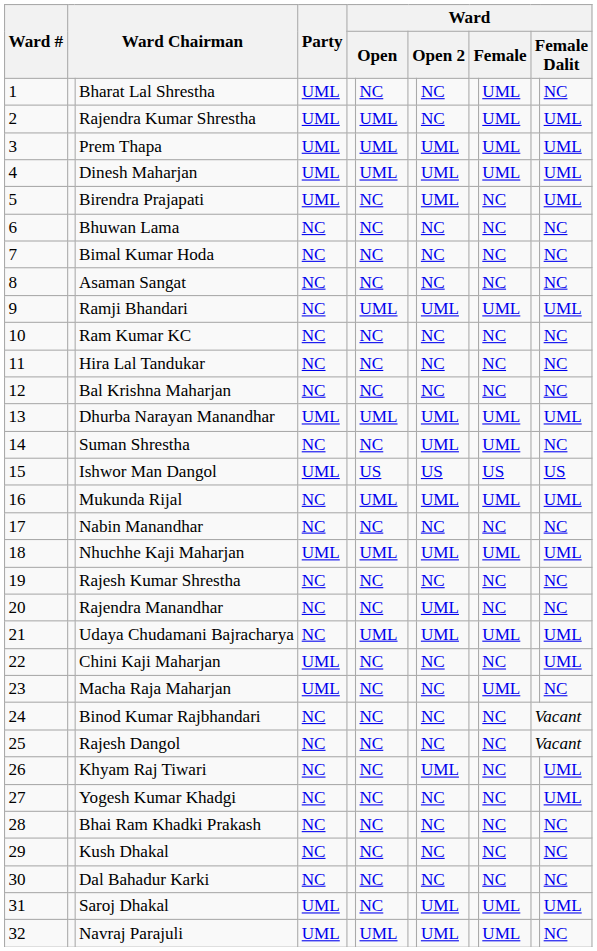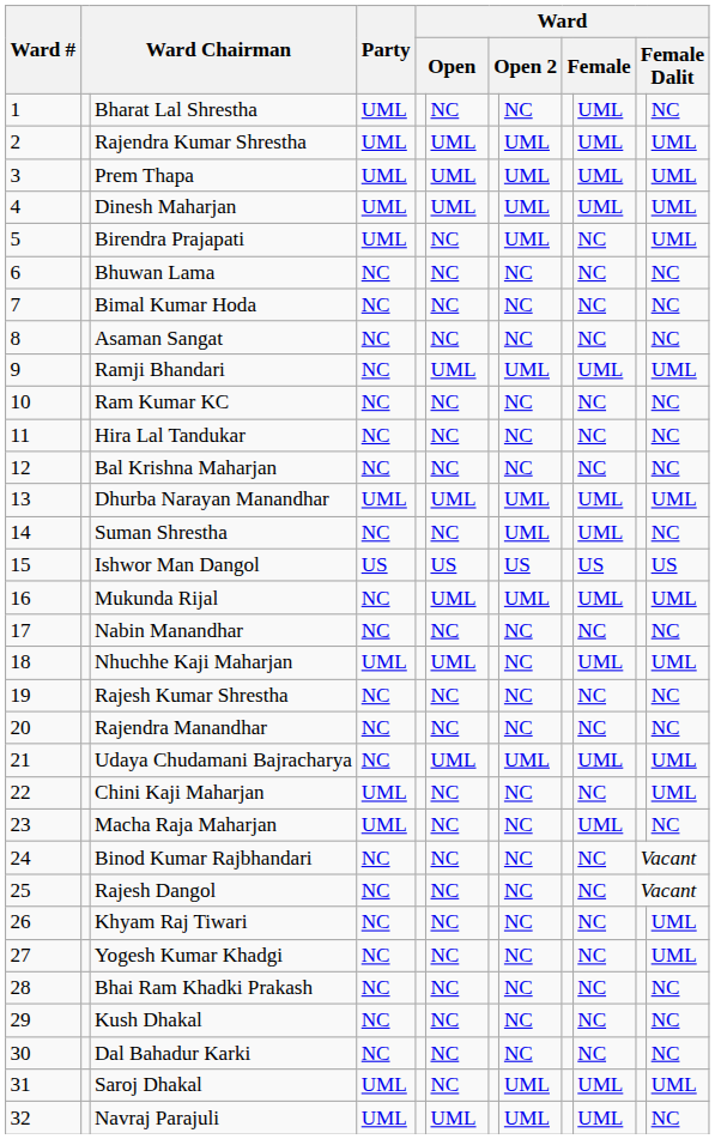 <table class="wikitable">
 <tr>
 <th rowspan="2">Ward #</th>
 <th colspan="2" rowspan="2">Ward Chairman</th>
 <th rowspan="2">Party</th>
 <th colspan="8">Ward</th>
 </tr>
 <tr>
 <th width="50px" colspan="2">Open</th>
 <th width="50px" colspan="2">Open 2</th>
 <th width="50px" colspan="2">Female</th>
 <th width="50px" colspan="2">Female Dalit</th>
 </tr>
 <tr>
 <td>1</td>
 <td><br></td>
 <td>Bharat Lal Shrestha</td>
 <td><a href='#'>UML</a></td>
 <td><br></td>
 <td><a href='#'>NC</a></td>
 <td><br></td>
 <td><a href='#'>NC</a></td>
 <td><br></td>
 <td><a href='#'>UML</a></td>
 <td><br></td>
 <td><a href='#'>NC</a></td>
 </tr>
 <tr>
 <td>2</td>
 <td><br></td>
 <td>Rajendra Kumar Shrestha</td>
 <td><a href='#'>UML</a></td>
 <td><br></td>
 <td><a href='#'>UML</a></td>
 <td><br></td>
-<td><a href='#'>NC</a></td>
+<td><a href='#'>UML</a></td>
 <td><br></td>
 <td><a href='#'>UML</a></td>
 <td><br></td>
 <td><a href='#'>UML</a></td>
 </tr>
 <tr>
 <td>3</td>
 <td><br></td>
 <td>Prem Thapa</td>
 <td><a href='#'>UML</a></td>
 <td><br></td>
 <td><a href='#'>UML</a></td>
 <td><br></td>
 <td><a href='#'>UML</a></td>
 <td><br></td>
 <td><a href='#'>UML</a></td>
 <td><br></td>
 <td><a href='#'>UML</a></td>
 </tr>
 <tr>
 <td>4</td>
 <td><br></td>
 <td>Dinesh Maharjan</td>
 <td><a href='#'>UML</a></td>
 <td><br></td>
 <td><a href='#'>UML</a></td>
 <td><br></td>
 <td><a href='#'>UML</a></td>
 <td><br></td>
 <td><a href='#'>UML</a></td>
 <td><br></td>
 <td><a href='#'>UML</a></td>
 </tr>
 <tr>
 <td>5</td>
 <td><br></td>
 <td>Birendra Prajapati</td>
 <td><a href='#'>UML</a></td>
 <td><br></td>
 <td><a href='#'>NC</a></td>
 <td><br></td>
 <td><a href='#'>UML</a></td>
 <td><br></td>
 <td><a href='#'>NC</a></td>
 <td><br></td>
 <td><a href='#'>UML</a></td>
 </tr>
 <tr>
 <td>6</td>
 <td><br></td>
 <td>Bhuwan Lama</td>
 <td><a href='#'>NC</a></td>
 <td><br></td>
 <td><a href='#'>NC</a></td>
 <td><br></td>
 <td><a href='#'>NC</a></td>
 <td><br></td>
 <td><a href='#'>NC</a></td>
 <td><br></td>
 <td><a href='#'>NC</a></td>
 </tr>
 <tr>
 <td>7</td>
 <td><br></td>
 <td>Bimal Kumar Hoda</td>
 <td><a href='#'>NC</a></td>
 <td><br></td>
 <td><a href='#'>NC</a></td>
 <td><br></td>
 <td><a href='#'>NC</a></td>
 <td><br></td>
 <td><a href='#'>NC</a></td>
 <td><br></td>
 <td><a href='#'>NC</a></td>
 </tr>
 <tr>
 <td>8</td>
 <td><br></td>
 <td>Asaman Sangat</td>
 <td><a href='#'>NC</a></td>
 <td><br></td>
 <td><a href='#'>NC</a></td>
 <td><br></td>
 <td><a href='#'>NC</a></td>
 <td><br></td>
 <td><a href='#'>NC</a></td>
 <td><br></td>
 <td><a href='#'>NC</a></td>
 </tr>
 <tr>
 <td>9</td>
 <td><br></td>
 <td>Ramji Bhandari</td>
 <td><a href='#'>NC</a></td>
 <td><br></td>
 <td><a href='#'>UML</a></td>
 <td><br></td>
 <td><a href='#'>UML</a></td>
 <td><br></td>
 <td><a href='#'>UML</a></td>
 <td><br></td>
 <td><a href='#'>UML</a></td>
 </tr>
 <tr>
 <td>10</td>
 <td><br></td>
 <td>Ram Kumar KC</td>
 <td><a href='#'>NC</a></td>
 <td><br></td>
 <td><a href='#'>NC</a></td>
 <td><br></td>
 <td><a href='#'>NC</a></td>
 <td><br></td>
 <td><a href='#'>NC</a></td>
 <td><br></td>
 <td><a href='#'>NC</a></td>
 </tr>
 <tr>
 <td>11</td>
 <td><br></td>
 <td>Hira Lal Tandukar</td>
 <td><a href='#'>NC</a></td>
 <td><br></td>
 <td><a href='#'>NC</a></td>
 <td><br></td>
 <td><a href='#'>NC</a></td>
 <td><br></td>
 <td><a href='#'>NC</a></td>
 <td><br></td>
 <td><a href='#'>NC</a></td>
 </tr>
 <tr>
 <td>12</td>
 <td><br></td>
 <td>Bal Krishna Maharjan</td>
 <td><a href='#'>NC</a></td>
 <td><br></td>
 <td><a href='#'>NC</a></td>
 <td><br></td>
 <td><a href='#'>NC</a></td>
 <td><br></td>
 <td><a href='#'>NC</a></td>
 <td><br></td>
 <td><a href='#'>NC</a></td>
 </tr>
 <tr>
 <td>13</td>
 <td><br></td>
 <td>Dhurba Narayan Manandhar</td>
 <td><a href='#'>UML</a></td>
 <td><br></td>
 <td><a href='#'>UML</a></td>
 <td><br></td>
 <td><a href='#'>UML</a></td>
 <td><br></td>
 <td><a href='#'>UML</a></td>
 <td><br></td>
 <td><a href='#'>UML</a></td>
 </tr>
 <tr>
 <td>14</td>
 <td><br></td>
 <td>Suman Shrestha</td>
 <td><a href='#'>NC</a></td>
 <td><br></td>
 <td><a href='#'>NC</a></td>
 <td><br></td>
 <td><a href='#'>UML</a></td>
 <td><br></td>
 <td><a href='#'>UML</a></td>
 <td><br></td>
 <td><a href='#'>NC</a></td>
 </tr>
 <tr>
 <td>15</td>
 <td><br></td>
 <td>Ishwor Man Dangol</td>
-<td><a href='#'>UML</a></td>
+<td><a href='#'>US</a></td>
 <td><br></td>
 <td><a href='#'>US</a></td>
 <td><br></td>
 <td><a href='#'>US</a></td>
 <td><br></td>
 <td><a href='#'>US</a></td>
 <td><br></td>
 <td><a href='#'>US</a></td>
 </tr>
 <tr>
 <td>16</td>
 <td><br></td>
 <td>Mukunda Rijal</td>
 <td><a href='#'>NC</a></td>
 <td><br></td>
 <td><a href='#'>UML</a></td>
 <td><br></td>
 <td><a href='#'>UML</a></td>
 <td><br></td>
 <td><a href='#'>UML</a></td>
 <td><br></td>
 <td><a href='#'>UML</a></td>
 </tr>
 <tr>
 <td>17</td>
 <td><br></td>
 <td>Nabin Manandhar</td>
 <td><a href='#'>NC</a></td>
 <td><br></td>
 <td><a href='#'>NC</a></td>
 <td><br></td>
 <td><a href='#'>NC</a></td>
 <td><br></td>
 <td><a href='#'>NC</a></td>
 <td><br></td>
 <td><a href='#'>NC</a></td>
 </tr>
 <tr>
 <td>18</td>
 <td><br></td>
 <td>Nhuchhe Kaji Maharjan</td>
 <td><a href='#'>UML</a></td>
 <td><br></td>
 <td><a href='#'>UML</a></td>
 <td><br></td>
-<td><a href='#'>UML</a></td>
+<td><a href='#'>NC</a></td>
 <td><br></td>
 <td><a href='#'>UML</a></td>
 <td><br></td>
 <td><a href='#'>UML</a></td>
 </tr>
 <tr>
 <td>19</td>
 <td></td>
 <td>Rajesh Kumar Shrestha</td>
 <td><a href='#'>NC</a></td>
 <td></td>
 <td><a href='#'>NC</a></td>
 <td></td>
 <td><a href='#'>NC</a></td>
 <td></td>
 <td><a href='#'>NC</a></td>
 <td></td>
 <td><a href='#'>NC</a></td>
 </tr>
 <tr>
 <td>20</td>
 <td><br></td>
 <td>Rajendra Manandhar</td>
 <td><a href='#'>NC</a></td>
 <td><br></td>
 <td><a href='#'>NC</a></td>
 <td><br></td>
-<td><a href='#'>UML</a></td>
+<td><a href='#'>NC</a></td>
 <td><br></td>
 <td><a href='#'>NC</a></td>
 <td><br></td>
 <td><a href='#'>NC</a></td>
 </tr>
 <tr>
 <td>21</td>
 <td><br></td>
 <td>Udaya Chudamani Bajracharya</td>
 <td><a href='#'>NC</a></td>
 <td><br></td>
 <td><a href='#'>UML</a></td>
 <td><br></td>
 <td><a href='#'>UML</a></td>
 <td><br></td>
 <td><a href='#'>UML</a></td>
 <td><br></td>
 <td><a href='#'>UML</a></td>
 </tr>
 <tr>
 <td>22</td>
 <td><br></td>
 <td>Chini Kaji Maharjan</td>
 <td><a href='#'>UML</a></td>
 <td><br></td>
 <td><a href='#'>NC</a></td>
 <td><br></td>
 <td><a href='#'>NC</a></td>
 <td><br></td>
 <td><a href='#'>NC</a></td>
 <td><br></td>
 <td><a href='#'>UML</a></td>
 </tr>
 <tr>
 <td>23</td>
 <td><br></td>
 <td>Macha Raja Maharjan</td>
 <td><a href='#'>UML</a></td>
 <td><br></td>
 <td><a href='#'>NC</a></td>
 <td><br></td>
 <td><a href='#'>NC</a></td>
 <td><br></td>
 <td><a href='#'>UML</a></td>
 <td><br></td>
 <td><a href='#'>NC</a></td>
 </tr>
 <tr>
 <td>24</td>
 <td><br></td>
 <td>Binod Kumar Rajbhandari</td>
 <td><a href='#'>NC</a></td>
 <td><br></td>
 <td><a href='#'>NC</a></td>
 <td><br></td>
 <td><a href='#'>NC</a></td>
 <td><br></td>
 <td><a href='#'>NC</a></td>
 <td colspan="2"><em>Vacant</em></td>
 </tr>
 <tr>
 <td>25</td>
 <td><br></td>
 <td>Rajesh Dangol</td>
 <td><a href='#'>NC</a></td>
 <td><br></td>
 <td><a href='#'>NC</a></td>
 <td><br></td>
 <td><a href='#'>NC</a></td>
 <td><br></td>
 <td><a href='#'>NC</a></td>
 <td colspan="2"><em>Vacant</em></td>
 </tr>
 <tr>
 <td>26</td>
 <td><br></td>
 <td>Khyam Raj Tiwari</td>
 <td><a href='#'>NC</a></td>
 <td><br></td>
 <td><a href='#'>NC</a></td>
 <td><br></td>
-<td><a href='#'>UML</a></td>
+<td><a href='#'>NC</a></td>
 <td><br></td>
 <td><a href='#'>NC</a></td>
 <td><br></td>
 <td><a href='#'>UML</a></td>
 </tr>
 <tr>
 <td>27</td>
 <td><br></td>
 <td>Yogesh Kumar Khadgi</td>
 <td><a href='#'>NC</a></td>
 <td><br></td>
 <td><a href='#'>NC</a></td>
 <td><br></td>
 <td><a href='#'>NC</a></td>
 <td><br></td>
 <td><a href='#'>NC</a></td>
 <td><br></td>
 <td><a href='#'>UML</a></td>
 </tr>
 <tr>
 <td>28</td>
 <td><br></td>
 <td>Bhai Ram Khadki Prakash</td>
 <td><a href='#'>NC</a></td>
 <td><br></td>
 <td><a href='#'>NC</a></td>
 <td><br></td>
 <td><a href='#'>NC</a></td>
 <td><br></td>
 <td><a href='#'>NC</a></td>
 <td><br></td>
 <td><a href='#'>NC</a></td>
 </tr>
 <tr>
 <td>29</td>
 <td><br></td>
 <td>Kush Dhakal</td>
 <td><a href='#'>NC</a></td>
 <td><br></td>
 <td><a href='#'>NC</a></td>
 <td><br></td>
 <td><a href='#'>NC</a></td>
 <td><br></td>
 <td><a href='#'>NC</a></td>
 <td><br></td>
 <td><a href='#'>NC</a></td>
 </tr>
 <tr>
 <td>30</td>
 <td><br></td>
 <td>Dal Bahadur Karki</td>
 <td><a href='#'>NC</a></td>
 <td><br></td>
 <td><a href='#'>NC</a></td>
 <td><br></td>
 <td><a href='#'>NC</a></td>
 <td><br></td>
 <td><a href='#'>NC</a></td>
 <td><br></td>
 <td><a href='#'>NC</a></td>
 </tr>
 <tr>
 <td>31</td>
 <td><br></td>
 <td>Saroj Dhakal</td>
 <td><a href='#'>UML</a></td>
 <td><br></td>
 <td><a href='#'>NC</a></td>
 <td><br></td>
 <td><a href='#'>UML</a></td>
 <td><br></td>
 <td><a href='#'>UML</a></td>
 <td><br></td>
 <td><a href='#'>UML</a></td>
 </tr>
 <tr>
 <td>32</td>
 <td><br></td>
 <td>Navraj Parajuli</td>
 <td><a href='#'>UML</a></td>
 <td><br></td>
 <td><a href='#'>UML</a></td>
 <td><br></td>
 <td><a href='#'>UML</a></td>
 <td><br></td>
 <td><a href='#'>UML</a></td>
 <td><br></td>
 <td><a href='#'>NC</a></td>
 </tr>
 </table>
